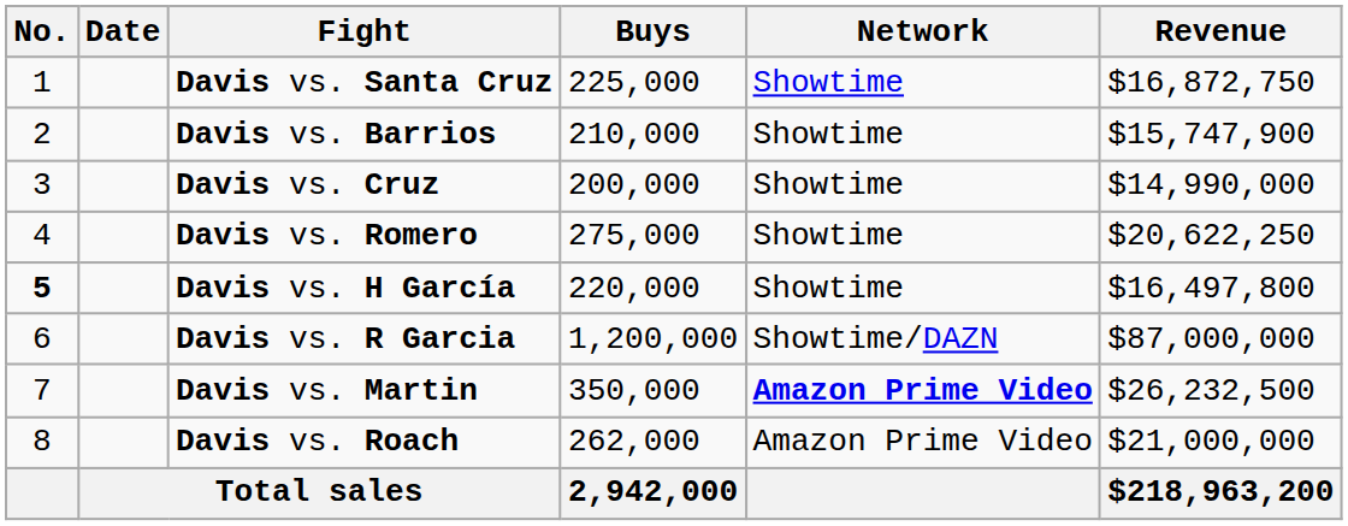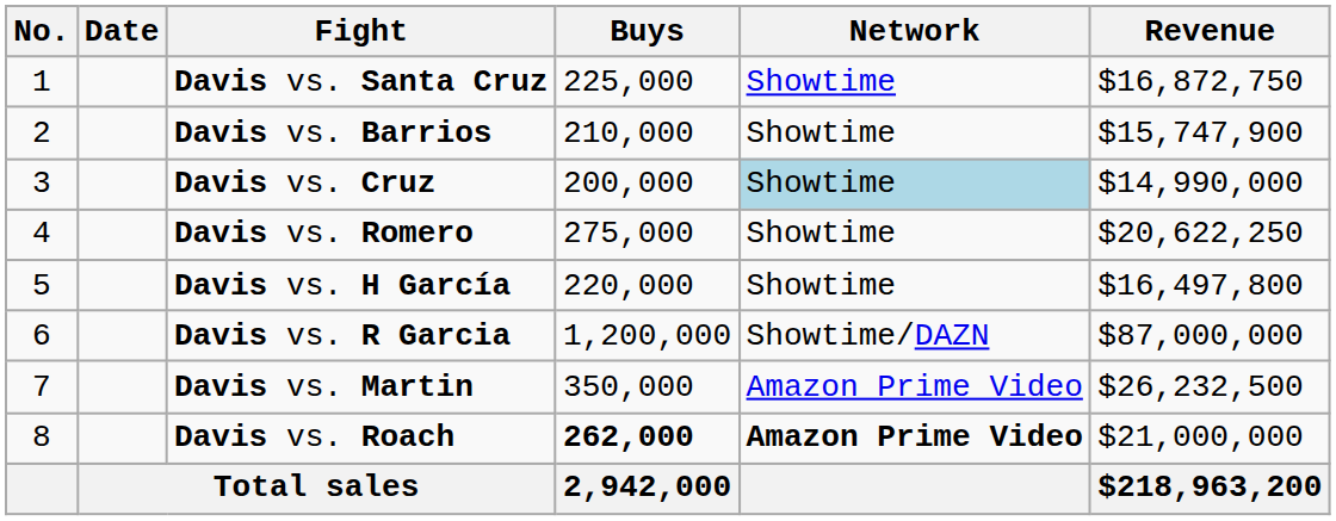 <table class="wikitable sortable">
 <tr>
 <th>No.</th>
 <th>Date</th>
 <th>Fight</th>
 <th>Buys</th>
 <th>Network</th>
 <th>Revenue</th>
 </tr>
 <tr>
 <td align=center>1</td>
 <td></td>
 <td><strong>Davis</strong> vs. <strong>Santa Cruz</strong></td>
 <td>225,000</td>
 <td><a href='#'>Showtime</a></td>
 <td>$16,872,750</td>
 </tr>
 <tr>
 <td align=center>2</td>
 <td></td>
 <td><strong>Davis</strong> vs. <strong>Barrios</strong></td>
 <td>210,000</td>
 <td>Showtime</td>
 <td>$15,747,900</td>
 </tr>
 <tr>
 <td align=center>3</td>
 <td></td>
 <td><strong>Davis</strong> vs. <strong>Cruz</strong></td>
 <td>200,000</td>
-<td>Showtime</td>
+<td style="background: lightblue;">Showtime</td>
 <td>$14,990,000</td>
 </tr>
 <tr>
 <td align=center>4</td>
 <td></td>
 <td><strong>Davis</strong> vs. <strong>Romero</strong></td>
 <td>275,000</td>
 <td>Showtime</td>
 <td>$20,622,250</td>
 </tr>
 <tr>
-<td align=center><strong>5</strong></td>
+<td align=center>5</td>
 <td></td>
 <td><strong>Davis</strong> vs. <strong>H García</strong></td>
 <td>220,000</td>
 <td>Showtime</td>
 <td>$16,497,800</td>
 </tr>
 <tr>
 <td align=center>6</td>
 <td></td>
 <td><strong>Davis</strong> vs. <strong>R Garcia</strong></td>
 <td>1,200,000</td>
 <td>Showtime/<a href='#'>DAZN</a></td>
 <td>$87,000,000</td>
 </tr>
 <tr>
 <td align=center>7</td>
 <td></td>
 <td><strong>Davis</strong> vs. <strong>Martin</strong></td>
 <td>350,000</td>
-<td><strong><a href='#'>Amazon Prime Video</a></strong></td>
+<td><a href='#'>Amazon Prime Video</a></td>
 <td>$26,232,500</td>
 </tr>
 <tr>
 <td align=center>8</td>
 <td></td>
 <td><strong>Davis</strong> vs. <strong>Roach</strong></td>
-<td>262,000</td>
-<td>Amazon Prime Video</td>
+<td><strong>262,000</strong></td>
+<td><strong>Amazon Prime Video</strong></td>
 <td>$21,000,000</td>
 </tr>
 <tr>
 <th></th>
 <th colspan="2">Total sales</th>
 <th>2,942,000</th>
 <th></th>
 <th>$218,963,200</th>
 </tr>
 </table>
